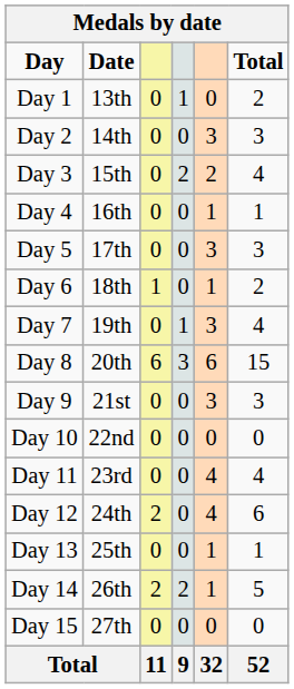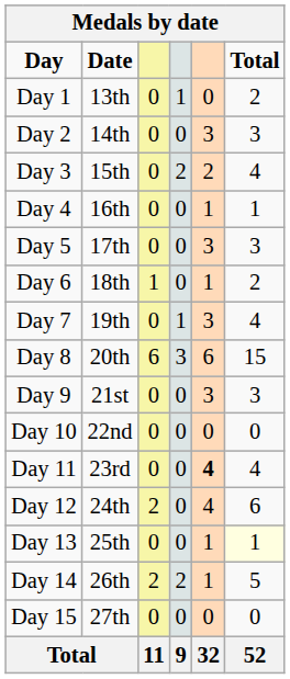 <table class="wikitable" align="right" style="font-size:85%">
 <tr bgcolor="#efefef">
 <th colspan=10>Medals by date</th>
 </tr>
 <tr style="text-align:center;">
 <td><strong>Day</strong></td>
 <td><strong>Date</strong></td>
 <td bgcolor=#F7F6A8></td>
 <td bgcolor=#dce5e5></td>
 <td bgcolor=#ffdab9></td>
 <td><strong>Total</strong></td>
 </tr>
 <tr style="text-align:center;">
 <td>Day 1</td>
 <td>13th</td>
 <td bgcolor=#F7F6A8>0</td>
 <td bgcolor=#dce5e5>1</td>
 <td bgcolor=#ffdab9>0</td>
 <td>2</td>
 </tr>
 <tr style="text-align:center;">
 <td>Day 2</td>
 <td>14th</td>
 <td bgcolor=#F7F6A8>0</td>
 <td bgcolor=#dce5e5>0</td>
 <td bgcolor=#ffdab9>3</td>
 <td>3</td>
 </tr>
 <tr style="text-align:center;">
 <td>Day 3</td>
 <td>15th</td>
 <td bgcolor=#F7F6A8>0</td>
 <td bgcolor=#dce5e5>2</td>
 <td bgcolor=#ffdab9>2</td>
 <td>4</td>
 </tr>
 <tr style="text-align:center;">
 <td>Day 4</td>
 <td>16th</td>
 <td bgcolor=#F7F6A8>0</td>
 <td bgcolor=#dce5e5>0</td>
 <td bgcolor=#ffdab9>1</td>
 <td>1</td>
 </tr>
 <tr style="text-align:center;">
 <td>Day 5</td>
 <td>17th</td>
 <td bgcolor=#F7F6A8>0</td>
 <td bgcolor=#dce5e5>0</td>
 <td bgcolor=#ffdab9>3</td>
 <td>3</td>
 </tr>
 <tr style="text-align:center;">
 <td>Day 6</td>
 <td>18th</td>
 <td bgcolor=#F7F6A8>1</td>
 <td bgcolor=#dce5e5>0</td>
 <td bgcolor=#ffdab9>1</td>
 <td>2</td>
 </tr>
 <tr style="text-align:center;">
 <td>Day 7</td>
 <td>19th</td>
 <td bgcolor=#F7F6A8>0</td>
 <td bgcolor=#dce5e5>1</td>
 <td bgcolor=#ffdab9>3</td>
 <td>4</td>
 </tr>
 <tr style="text-align:center;">
 <td>Day 8</td>
 <td>20th</td>
 <td bgcolor=#F7F6A8>6</td>
 <td bgcolor=#dce5e5>3</td>
 <td bgcolor=#ffdab9>6</td>
 <td>15</td>
 </tr>
 <tr style="text-align:center;">
 <td>Day 9</td>
 <td>21st</td>
 <td bgcolor=#F7F6A8>0</td>
 <td bgcolor=#dce5e5>0</td>
 <td bgcolor=#ffdab9>3</td>
 <td>3</td>
 </tr>
 <tr style="text-align:center;">
 <td>Day 10</td>
 <td>22nd</td>
 <td bgcolor=#F7F6A8>0</td>
 <td bgcolor=#dce5e5>0</td>
 <td bgcolor=#ffdab9>0</td>
 <td>0</td>
 </tr>
 <tr style="text-align:center;">
 <td>Day 11</td>
 <td>23rd</td>
 <td bgcolor=#F7F6A8>0</td>
 <td bgcolor=#dce5e5>0</td>
-<td bgcolor=#ffdab9>4</td>
+<td bgcolor=#ffdab9><strong>4</strong></td>
 <td>4</td>
 </tr>
 <tr style="text-align:center;">
 <td>Day 12</td>
 <td>24th</td>
 <td bgcolor=#F7F6A8>2</td>
 <td bgcolor=#dce5e5>0</td>
 <td bgcolor=#ffdab9>4</td>
 <td>6</td>
 </tr>
 <tr style="text-align:center;">
 <td>Day 13</td>
 <td>25th</td>
 <td bgcolor=#F7F6A8>0</td>
 <td bgcolor=#dce5e5>0</td>
 <td bgcolor=#ffdab9>1</td>
-<td>1</td>
+<td style="background: lightyellow;">1</td>
 </tr>
 <tr style="text-align:center;">
 <td>Day 14</td>
 <td>26th</td>
 <td bgcolor=#F7F6A8>2</td>
 <td bgcolor=#dce5e5>2</td>
 <td bgcolor=#ffdab9>1</td>
 <td>5</td>
 </tr>
 <tr style="text-align:center;">
 <td>Day 15</td>
 <td>27th</td>
 <td bgcolor=#F7F6A8>0</td>
 <td bgcolor=#dce5e5>0</td>
 <td bgcolor=#ffdab9>0</td>
 <td>0</td>
 </tr>
 <tr style="text-align:center;">
 <th colspan="2">Total</th>
 <th>11</th>
 <th>9</th>
 <th>32</th>
 <th>52</th>
 </tr>
 </table>
